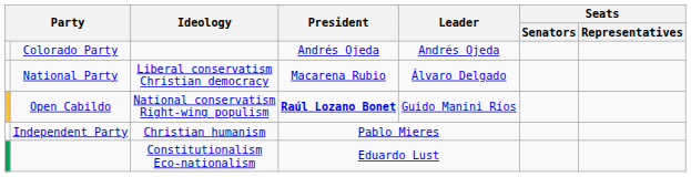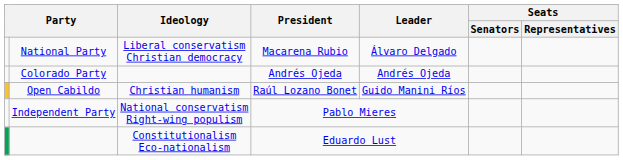 <table class="wikitable" style="text-align: center;">
 <tr>
 <th colspan="2" rowspan="2">Party</th>
 <th rowspan="2">Ideology</th>
 <th rowspan="2">President</th>
 <th rowspan="2">Leader</th>
 <th colspan="2">Seats</th>
 </tr>
 <tr>
 <th>Senators</th>
 <th>Representatives</th>
 </tr>
 <tr>
 <td style="background-color:"></td>
+<td><a href='#'>National Party</a></td>
+<td><a href='#'>Liberal conservatism</a><br><a href='#'>Christian democracy</a></td>
+<td><a href='#'>Macarena Rubio</a></td>
+<td><a href='#'>Álvaro Delgado</a></td>
+<td></td>
+<td align="left"></td>
+</tr>
+<tr>
+<td style="background-color:"></td>
 <td><a href='#'>Colorado Party</a></td>
 <td></td>
 <td><a href='#'>Andrés Ojeda</a></td>
 <td><a href='#'>Andrés Ojeda</a></td>
 <td></td>
 <td align="left"></td>
 </tr>
 <tr>
-<td style="background-color:"></td>
-<td><a href='#'>National Party</a></td>
-<td><a href='#'>Liberal conservatism</a><br><a href='#'>Christian democracy</a></td>
-<td><a href='#'>Macarena Rubio</a></td>
-<td><a href='#'>Álvaro Delgado</a></td>
-<td></td>
-<td align="left"></td>
-</tr>
-<tr>
 <td bgcolor="#FBC22B"></td>
 <td><a href='#'>Open Cabildo</a></td>
-<td><a href='#'>National conservatism</a><br><a href='#'>Right-wing populism</a></td>
-<td><strong><a href='#'>Raúl Lozano Bonet</a></strong></td>
+<td><a href='#'>Christian humanism</a></td>
+<td><a href='#'>Raúl Lozano Bonet</a></td>
 <td><a href='#'>Guido Manini Ríos</a></td>
 <td></td>
 <td align="left"></td>
 </tr>
 <tr>
 <td style="background-color:"></td>
 <td><a href='#'>Independent Party</a></td>
-<td><a href='#'>Christian humanism</a></td>
+<td><a href='#'>National conservatism</a><br><a href='#'>Right-wing populism</a></td>
 <td colspan="2"><a href='#'>Pablo Mieres</a></td>
 <td></td>
 <td align="left"></td>
 </tr>
 <tr>
 <td bgcolor="#00a655"></td>
 <td></td>
 <td><a href='#'>Constitutionalism</a><br><a href='#'>Eco-nationalism</a></td>
 <td colspan="2"><a href='#'>Eduardo Lust</a></td>
 <td></td>
 <td align="left"></td>
 </tr>
 </table>
